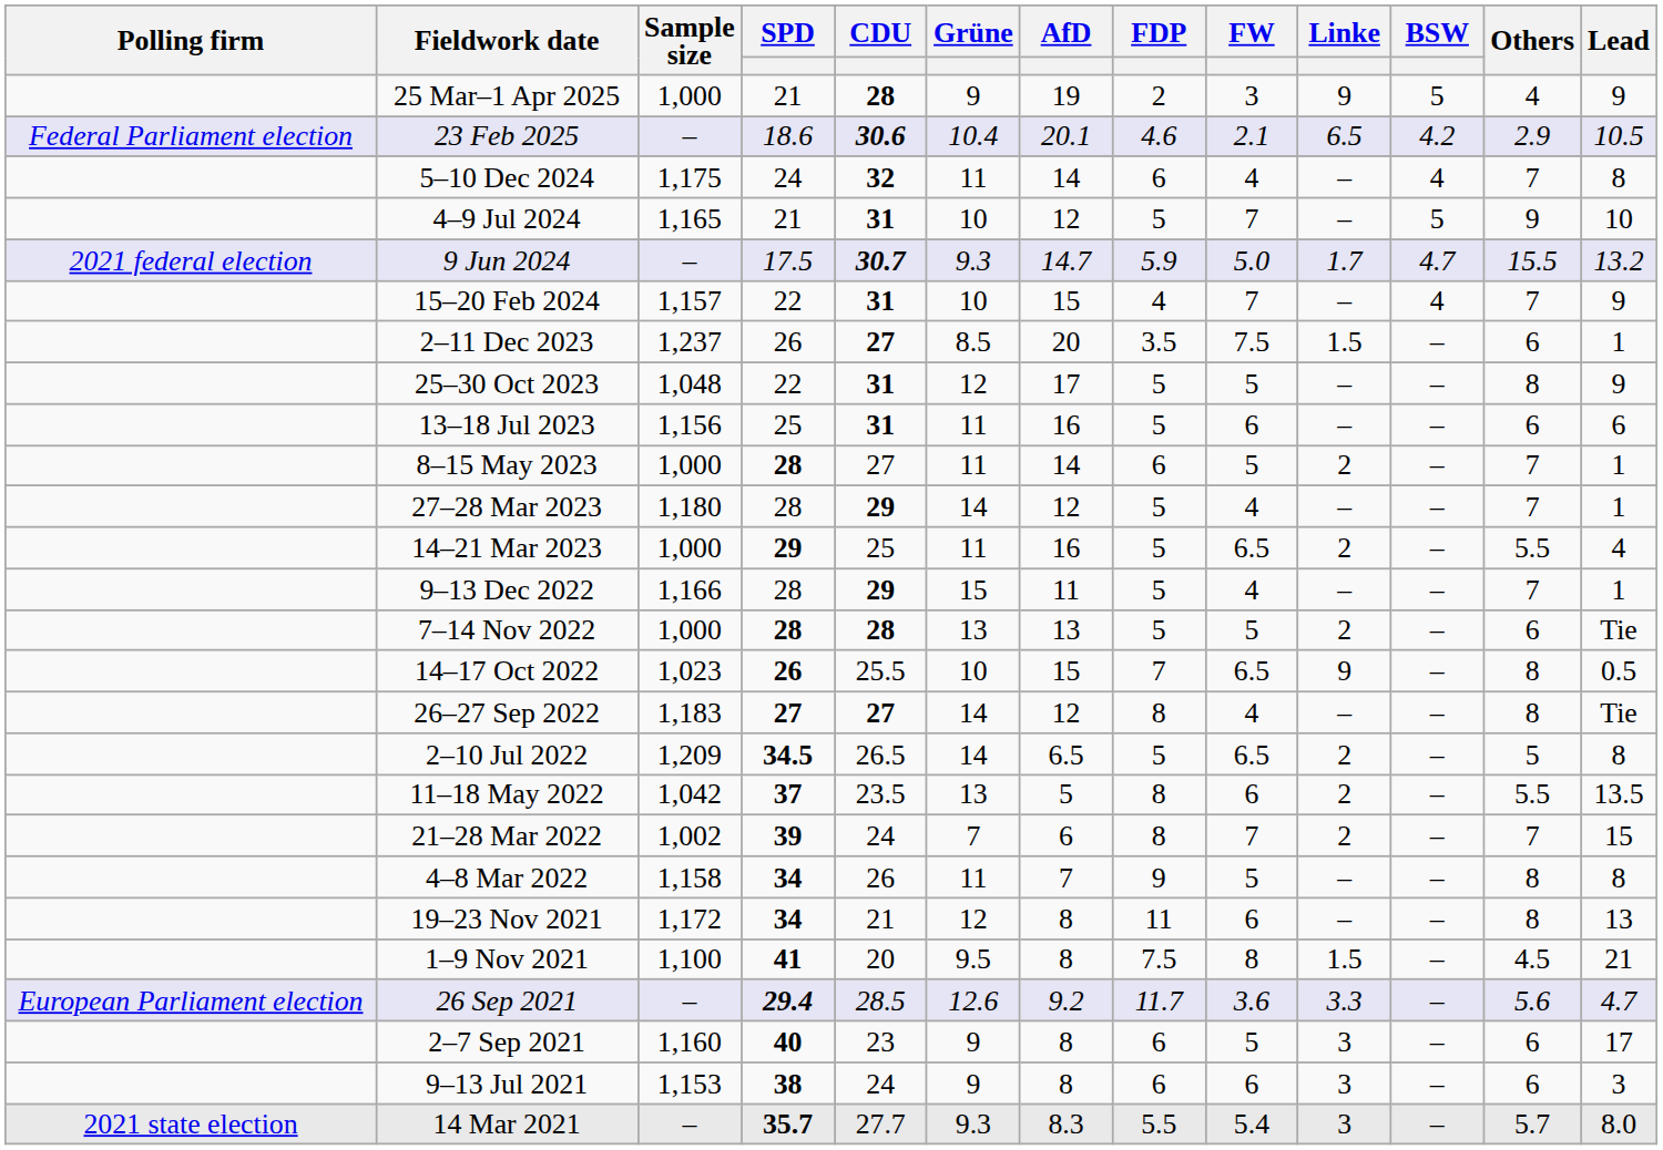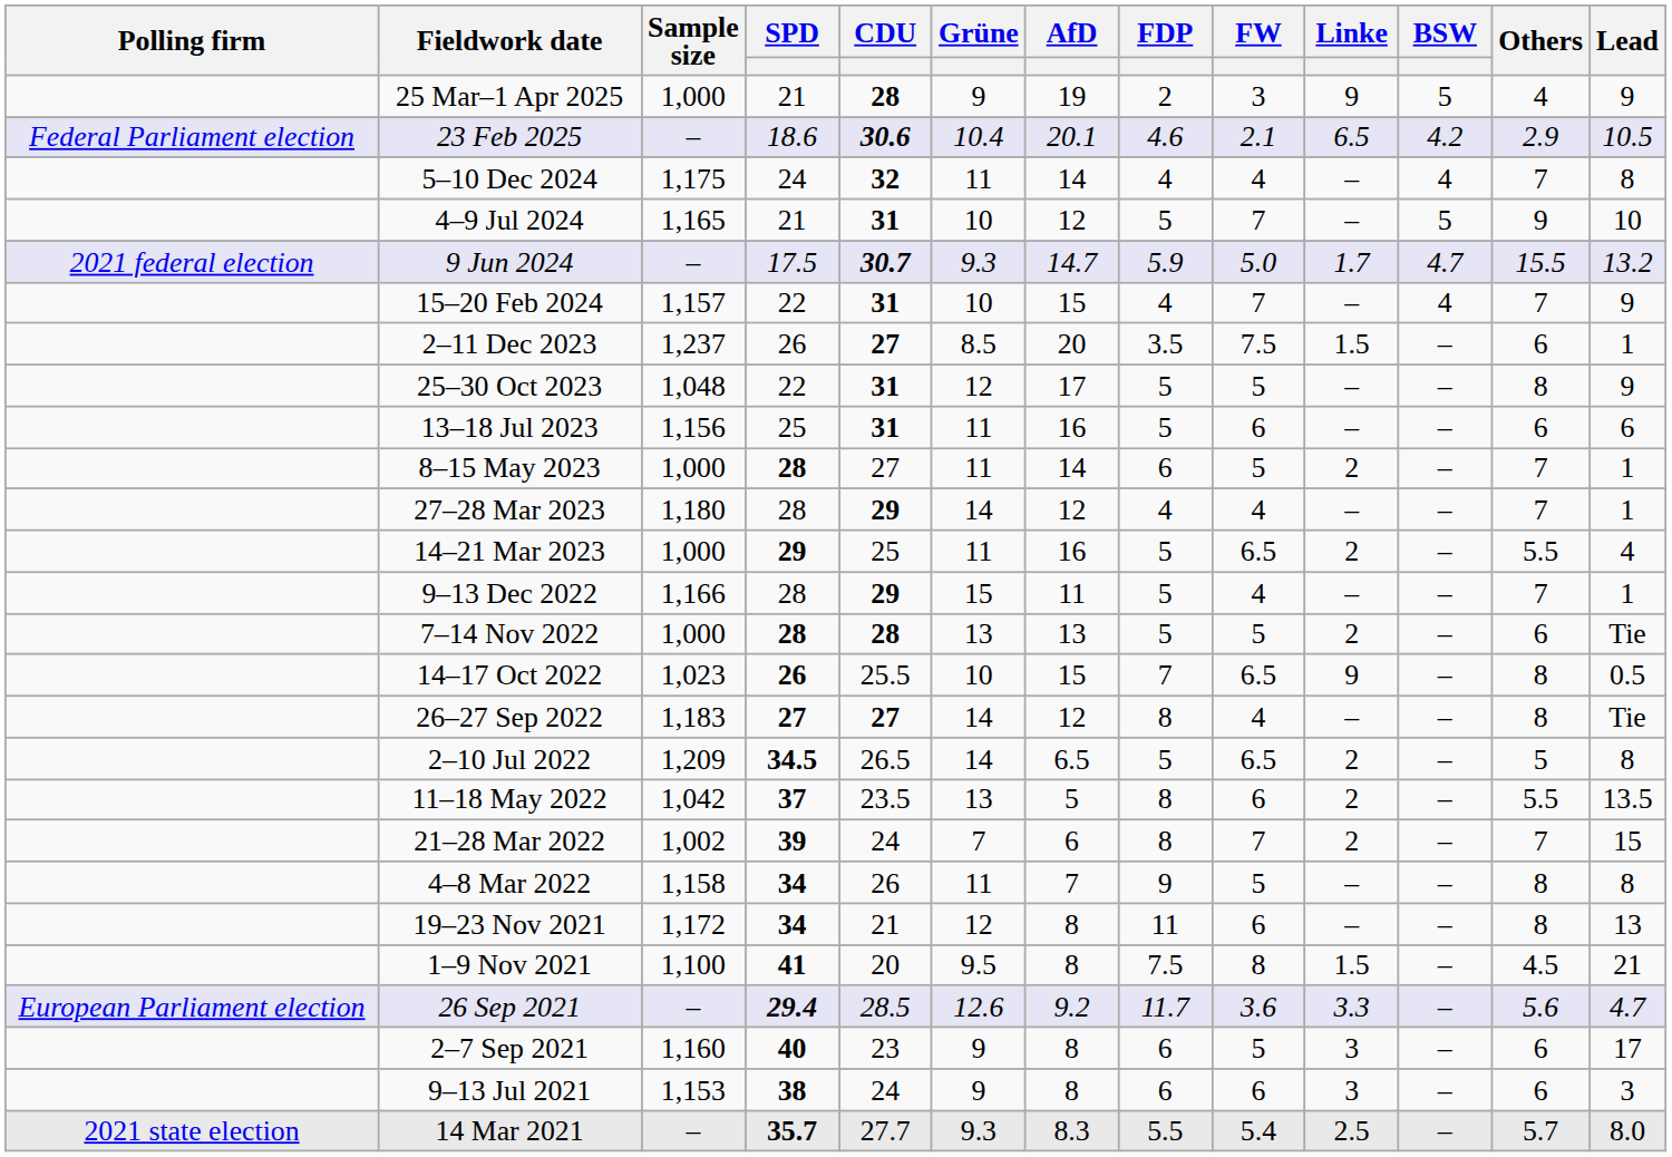 <table class="wikitable sortable" style="text-align:center;font-size:90%;line-height:14px;">
 <tr>
 <th rowspan="2" style="width:180px;">Polling firm</th>
 <th rowspan="2" style="width:125px;">Fieldwork date</th>
 <th rowspan="2" style="width:35px;">Sample<br>size</th>
 <th class="unsortable" style="width:40px;"><a href='#'>SPD</a></th>
 <th class="unsortable" style="width:40px;"><a href='#'>CDU</a></th>
 <th class="unsortable" style="width:40px;"><a href='#'>Grüne</a></th>
 <th class="unsortable" style="width:40px;"><a href='#'>AfD</a></th>
 <th class="unsortable" style="width:40px;"><a href='#'>FDP</a></th>
 <th class="unsortable" style="width:40px;"><a href='#'>FW</a></th>
 <th class="unsortable" style="width:40px;"><a href='#'>Linke</a></th>
 <th class="unsortable" style="width:40px;"><a href='#'>BSW</a></th>
 <th rowspan="2" class="unsortable" style="width:40px;">Others</th>
 <th rowspan="2" style="width:30px;">Lead</th>
 </tr>
 <tr>
 <th style="background:"></th>
 <th style="background:"></th>
 <th style="background:"></th>
 <th style="background:"></th>
 <th style="background:"></th>
 <th style="background:"></th>
 <th style="background:"></th>
 <th style="background:"></th>
 </tr>
 <tr>
 <td></td>
 <td data-sort-value="2022-11-14">25 Mar–1 Apr 2025</td>
 <td>1,000</td>
 <td>21</td>
 <td><strong>28</strong></td>
 <td>9</td>
 <td>19</td>
 <td>2</td>
 <td>3</td>
 <td>9</td>
 <td>5</td>
 <td>4</td>
 <td style="background:">9</td>
 </tr>
 <tr style="background:#E5E5F5;font-style:italic;">
 <td><a href='#'>Federal Parliament election</a></td>
 <td data-sort-value="2025-02-23">23 Feb 2025</td>
 <td>–</td>
 <td>18.6</td>
 <td><strong>30.6</strong></td>
 <td>10.4</td>
 <td>20.1</td>
 <td>4.6</td>
 <td>2.1</td>
 <td>6.5</td>
 <td>4.2</td>
 <td>2.9</td>
 <td style="background:">10.5</td>
 </tr>
 <tr>
 <td></td>
 <td>5–10 Dec 2024</td>
 <td>1,175</td>
 <td>24</td>
 <td><strong>32</strong></td>
 <td>11</td>
 <td>14</td>
-<td>6</td>
+<td>4</td>
 <td>4</td>
 <td>–</td>
 <td>4</td>
 <td>7</td>
 <td style="background:">8</td>
 </tr>
 <tr>
 <td></td>
 <td>4–9 Jul 2024</td>
 <td>1,165</td>
 <td>21</td>
 <td><strong>31</strong></td>
 <td>10</td>
 <td>12</td>
 <td>5</td>
 <td>7</td>
 <td>–</td>
 <td>5</td>
 <td>9</td>
 <td style="background:">10</td>
 </tr>
 <tr style="background:#E5E5F5;font-style:italic;">
 <td><a href='#'>2021 federal election</a></td>
 <td data-sort-value="2024-06-09">9 Jun 2024</td>
 <td>–</td>
 <td>17.5</td>
 <td><strong>30.7</strong></td>
 <td>9.3</td>
 <td>14.7</td>
 <td>5.9</td>
 <td>5.0</td>
 <td>1.7</td>
 <td>4.7</td>
 <td>15.5</td>
 <td style="background:">13.2</td>
 </tr>
 <tr>
 <td></td>
 <td>15–20 Feb 2024</td>
 <td>1,157</td>
 <td>22</td>
 <td><strong>31</strong></td>
 <td>10</td>
 <td>15</td>
 <td>4</td>
 <td>7</td>
 <td>–</td>
 <td>4</td>
 <td>7</td>
 <td style="background:">9</td>
 </tr>
 <tr>
 <td></td>
 <td>2–11 Dec 2023</td>
 <td>1,237</td>
 <td>26</td>
 <td><strong>27</strong></td>
 <td>8.5</td>
 <td>20</td>
 <td>3.5</td>
 <td>7.5</td>
 <td>1.5</td>
 <td>–</td>
 <td>6</td>
 <td style="background:">1</td>
 </tr>
 <tr>
 <td></td>
 <td data-sort-value="2023-10-30">25–30 Oct 2023</td>
 <td>1,048</td>
 <td>22</td>
 <td><strong>31</strong></td>
 <td>12</td>
 <td>17</td>
 <td>5</td>
 <td>5</td>
 <td>–</td>
 <td>–</td>
 <td>8</td>
 <td style="background:">9</td>
 </tr>
 <tr>
 <td></td>
 <td data-sort-value="2023-07-18">13–18 Jul 2023</td>
 <td>1,156</td>
 <td>25</td>
 <td><strong>31</strong></td>
 <td>11</td>
 <td>16</td>
 <td>5</td>
 <td>6</td>
 <td>–</td>
 <td>–</td>
 <td>6</td>
 <td style="background:">6</td>
 </tr>
 <tr>
 <td></td>
 <td data-sort-value="2023-05-15">8–15 May 2023</td>
 <td>1,000</td>
 <td><strong>28</strong></td>
 <td>27</td>
 <td>11</td>
 <td>14</td>
 <td>6</td>
 <td>5</td>
 <td>2</td>
 <td>–</td>
 <td>7</td>
 <td style="background:">1</td>
 </tr>
 <tr>
 <td></td>
 <td data-sort-value="2023-03-28">27–28 Mar 2023</td>
 <td>1,180</td>
 <td>28</td>
 <td><strong>29</strong></td>
 <td>14</td>
 <td>12</td>
-<td>5</td>
+<td>4</td>
 <td>4</td>
 <td>–</td>
 <td>–</td>
 <td>7</td>
 <td style="background:">1</td>
 </tr>
 <tr>
 <td></td>
 <td data-sort-value="2023-03-21">14–21 Mar 2023</td>
 <td>1,000</td>
 <td><strong>29</strong></td>
 <td>25</td>
 <td>11</td>
 <td>16</td>
 <td>5</td>
 <td>6.5</td>
 <td>2</td>
 <td>–</td>
 <td>5.5</td>
 <td style="background:">4</td>
 </tr>
 <tr>
 <td></td>
 <td data-sort-value="2022-12-13">9–13 Dec 2022</td>
 <td>1,166</td>
 <td>28</td>
 <td><strong>29</strong></td>
 <td>15</td>
 <td>11</td>
 <td>5</td>
 <td>4</td>
 <td>–</td>
 <td>–</td>
 <td>7</td>
 <td style="background:">1</td>
 </tr>
 <tr>
 <td></td>
 <td data-sort-value="2022-11-14">7–14 Nov 2022</td>
 <td>1,000</td>
 <td><strong>28</strong></td>
 <td><strong>28</strong></td>
 <td>13</td>
 <td>13</td>
 <td>5</td>
 <td>5</td>
 <td>2</td>
 <td>–</td>
 <td>6</td>
 <td data-sort-value="0">Tie</td>
 </tr>
 <tr>
 <td></td>
 <td data-sort-value="2022-10-17">14–17 Oct 2022</td>
 <td>1,023</td>
 <td><strong>26</strong></td>
 <td>25.5</td>
 <td>10</td>
 <td>15</td>
 <td>7</td>
 <td>6.5</td>
 <td>9</td>
 <td>–</td>
 <td>8</td>
 <td style="background:">0.5</td>
 </tr>
 <tr>
 <td></td>
 <td data-sort-value="2022-09-27">26–27 Sep 2022</td>
 <td>1,183</td>
 <td><strong>27</strong></td>
 <td><strong>27</strong></td>
 <td>14</td>
 <td>12</td>
 <td>8</td>
 <td>4</td>
 <td>–</td>
 <td>–</td>
 <td>8</td>
 <td data-sort-value="0">Tie</td>
 </tr>
 <tr>
 <td></td>
 <td data-sort-value="2022-07-10">2–10 Jul 2022</td>
 <td>1,209</td>
 <td><strong>34.5</strong></td>
 <td>26.5</td>
 <td>14</td>
 <td>6.5</td>
 <td>5</td>
 <td>6.5</td>
 <td>2</td>
 <td>–</td>
 <td>5</td>
 <td style="background:">8</td>
 </tr>
 <tr>
 <td></td>
 <td data-sort-value="2022-05-18">11–18 May 2022</td>
 <td>1,042</td>
 <td><strong>37</strong></td>
 <td>23.5</td>
 <td>13</td>
 <td>5</td>
 <td>8</td>
 <td>6</td>
 <td>2</td>
 <td>–</td>
 <td>5.5</td>
 <td style="background:">13.5</td>
 </tr>
 <tr>
 <td></td>
 <td data-sort-value="2022-03-28">21–28 Mar 2022</td>
 <td>1,002</td>
 <td><strong>39</strong></td>
 <td>24</td>
 <td>7</td>
 <td>6</td>
 <td>8</td>
 <td>7</td>
 <td>2</td>
 <td>–</td>
 <td>7</td>
 <td style="background:">15</td>
 </tr>
 <tr>
 <td></td>
 <td>4–8 Mar 2022</td>
 <td>1,158</td>
 <td><strong>34</strong></td>
 <td>26</td>
 <td>11</td>
 <td>7</td>
 <td>9</td>
 <td>5</td>
 <td>–</td>
 <td>–</td>
 <td>8</td>
 <td style="background:">8</td>
 </tr>
 <tr>
 <td></td>
 <td>19–23 Nov 2021</td>
 <td>1,172</td>
 <td><strong>34</strong></td>
 <td>21</td>
 <td>12</td>
 <td>8</td>
 <td>11</td>
 <td>6</td>
 <td>–</td>
 <td>–</td>
 <td>8</td>
 <td style="background:">13</td>
 </tr>
 <tr>
 <td></td>
 <td data-sort-value="2021-11-09">1–9 Nov 2021</td>
 <td>1,100</td>
 <td><strong>41</strong></td>
 <td>20</td>
 <td>9.5</td>
 <td>8</td>
 <td>7.5</td>
 <td>8</td>
 <td>1.5</td>
 <td>–</td>
 <td>4.5</td>
 <td style="background:">21</td>
 </tr>
 <tr style="background:#E5E5F5;font-style:italic;">
 <td><a href='#'>European Parliament election</a></td>
 <td data-sort-value="2021-09-26">26 Sep 2021</td>
 <td>–</td>
 <td><strong>29.4</strong></td>
 <td>28.5</td>
 <td>12.6</td>
 <td>9.2</td>
 <td>11.7</td>
 <td>3.6</td>
 <td>3.3</td>
 <td><em>–</em></td>
 <td>5.6</td>
 <td style="background:">4.7</td>
 </tr>
 <tr>
 <td></td>
 <td>2–7 Sep 2021</td>
 <td>1,160</td>
 <td><strong>40</strong></td>
 <td>23</td>
 <td>9</td>
 <td>8</td>
 <td>6</td>
 <td>5</td>
 <td>3</td>
 <td>–</td>
 <td>6</td>
 <td style="background:">17</td>
 </tr>
 <tr>
 <td></td>
 <td data-sort-value="2021-03-12">9–13 Jul 2021</td>
 <td>1,153</td>
 <td><strong>38</strong></td>
 <td>24</td>
 <td>9</td>
 <td>8</td>
 <td>6</td>
 <td>6</td>
 <td>3</td>
 <td>–</td>
 <td>6</td>
 <td style="background:">3</td>
 </tr>
 <tr style="background:#E9E9E9;">
 <td><a href='#'>2021 state election</a></td>
 <td data-sort-value="2021-03-14">14 Mar 2021</td>
 <td>–</td>
 <td><strong>35.7</strong></td>
 <td>27.7</td>
 <td>9.3</td>
 <td>8.3</td>
 <td>5.5</td>
 <td>5.4</td>
-<td>3</td>
+<td>2.5</td>
 <td>–</td>
 <td>5.7</td>
 <td style="background:">8.0</td>
 </tr>
 </table>
